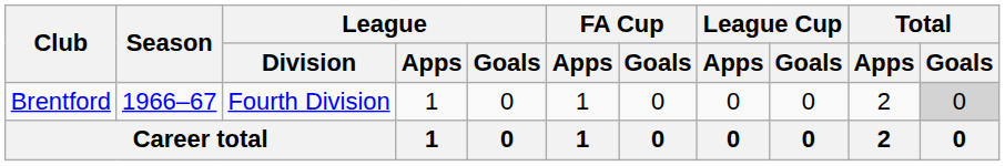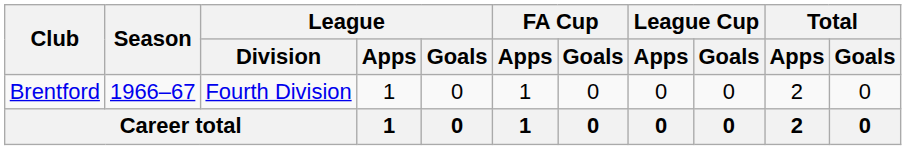 <table class="wikitable" style="text-align: center;">
 <tr>
 <th rowspan="2">Club</th>
 <th rowspan="2">Season</th>
 <th colspan="3">League</th>
 <th colspan="2">FA Cup</th>
 <th colspan="2">League Cup</th>
 <th colspan="2">Total</th>
 </tr>
 <tr>
 <th>Division</th>
 <th>Apps</th>
 <th>Goals</th>
 <th>Apps</th>
 <th>Goals</th>
 <th>Apps</th>
 <th>Goals</th>
 <th>Apps</th>
 <th>Goals</th>
 </tr>
 <tr>
 <td><a href='#'>Brentford</a></td>
 <td><a href='#'>1966–67</a></td>
 <td><a href='#'>Fourth Division</a></td>
 <td>1</td>
 <td>0</td>
 <td>1</td>
 <td>0</td>
 <td>0</td>
 <td>0</td>
 <td>2</td>
-<td style="background: lightgrey;">0</td>
+<td>0</td>
 </tr>
 <tr>
 <th colspan="3">Career total</th>
 <th>1</th>
 <th>0</th>
 <th>1</th>
 <th>0</th>
 <th>0</th>
 <th>0</th>
 <th>2</th>
 <th>0</th>
 </tr>
 </table>
